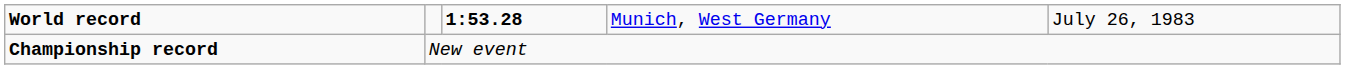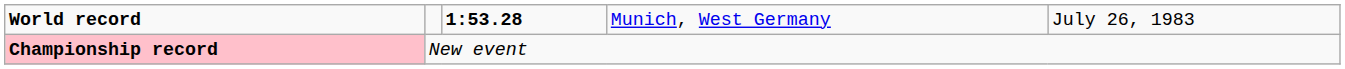 <table class="wikitable" width=75%>
 <tr>
 <td><strong>World record</strong></td>
 <td></td>
 <td><strong>1:53.28</strong></td>
 <td><a href='#'>Munich</a>, <a href='#'>West Germany</a></td>
 <td>July 26, 1983</td>
 </tr>
 <tr>
-<td><strong>Championship record</strong></td>
+<td style="background: pink;"><strong>Championship record</strong></td>
 <td colspan="4"><em>New event</em></td>
 </tr>
 </table>
